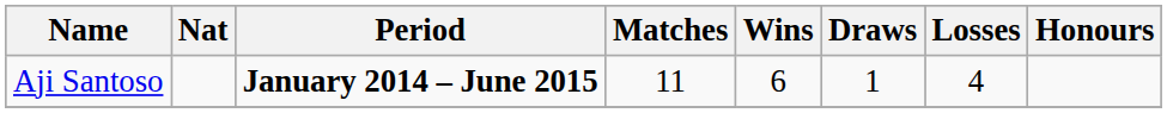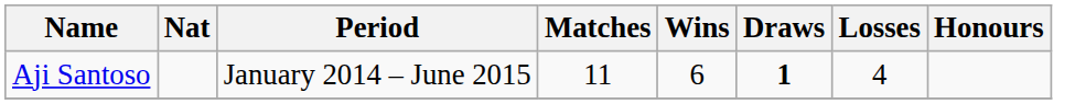 <table class="wikitable">
 <tr>
 <th>Name</th>
 <th>Nat</th>
 <th>Period</th>
 <th>Matches</th>
 <th>Wins</th>
 <th>Draws</th>
 <th>Losses</th>
 <th>Honours</th>
 </tr>
 <tr>
 <td><a href='#'>Aji Santoso</a></td>
 <td align="center"></td>
-<td align="center"><strong>January 2014 – June 2015</strong></td>
+<td align="center">January 2014 – June 2015</td>
 <td align="center">11</td>
 <td align="center">6</td>
-<td align="center">1</td>
+<td align="center"><strong>1</strong></td>
 <td align="center">4</td>
 <td></td>
 </tr>
 <tr>
 </tr>
 </table>
